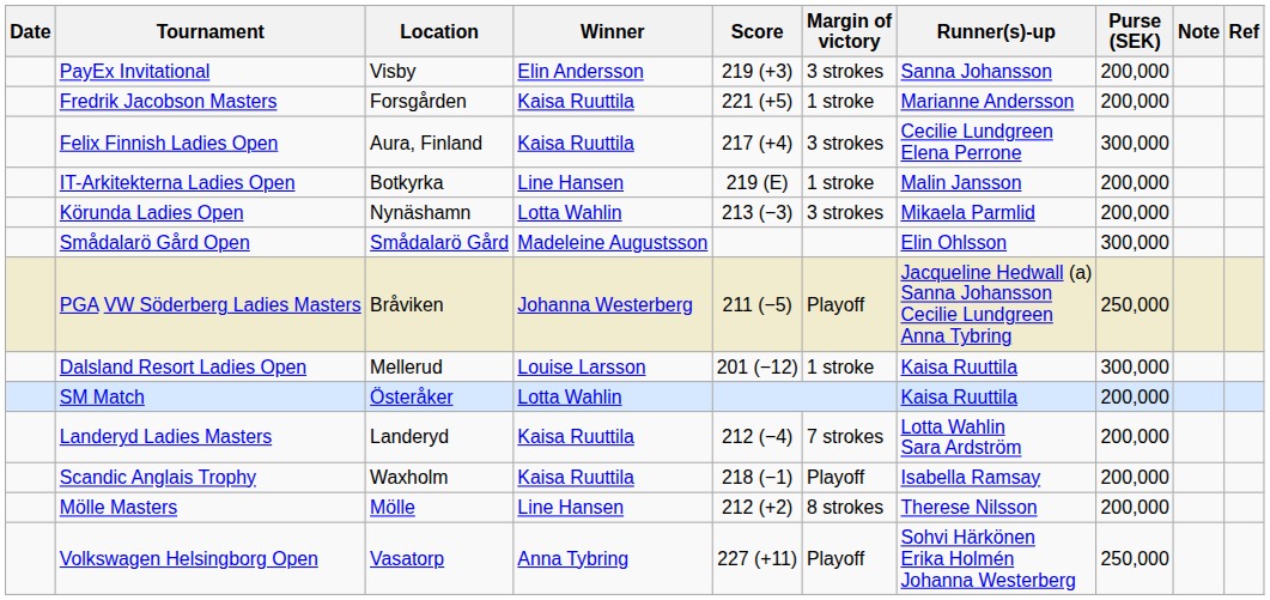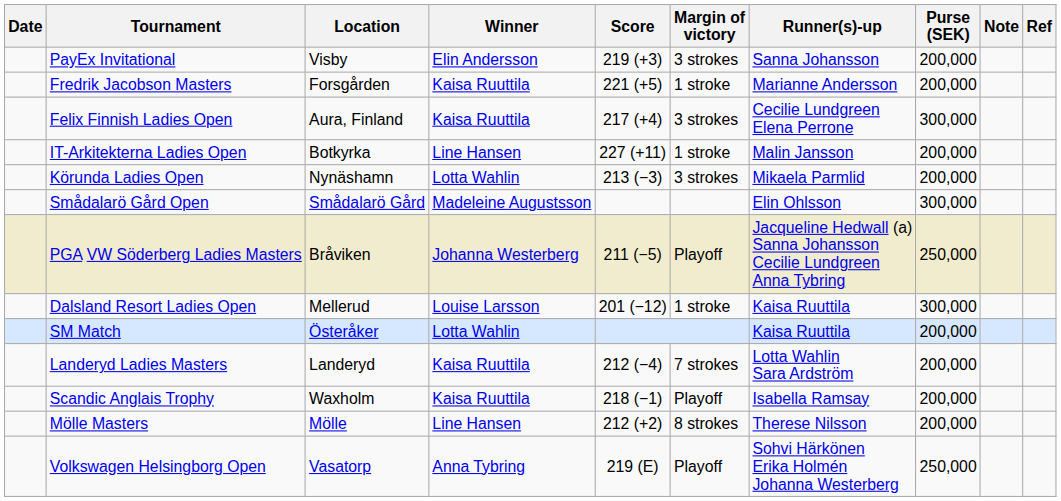 <table class="wikitable" style="font-size:95%;">
 <tr>
 <th>Date</th>
 <th>Tournament</th>
 <th>Location</th>
 <th>Winner</th>
 <th>Score</th>
 <th>Margin of<br>victory</th>
 <th>Runner(s)-up</th>
 <th>Purse<br>(SEK)</th>
 <th>Note</th>
 <th>Ref</th>
 </tr>
 <tr>
 <td></td>
 <td><a href='#'>PayEx Invitational</a></td>
 <td>Visby</td>
 <td> <a href='#'>Elin Andersson</a></td>
 <td align=center>219 (+3)</td>
 <td>3 strokes</td>
 <td> <a href='#'>Sanna Johansson</a></td>
 <td align=right>200,000</td>
 <td></td>
 <td></td>
 </tr>
 <tr>
 <td></td>
 <td><a href='#'>Fredrik Jacobson Masters</a></td>
 <td>Forsgården</td>
 <td> <a href='#'>Kaisa Ruuttila</a></td>
 <td align=center>221 (+5)</td>
 <td>1 stroke</td>
 <td> <a href='#'>Marianne Andersson</a></td>
 <td align=right>200,000</td>
 <td></td>
 <td></td>
 </tr>
 <tr>
 <td></td>
 <td><a href='#'>Felix Finnish Ladies Open</a></td>
 <td>Aura, Finland</td>
 <td> <a href='#'>Kaisa Ruuttila</a></td>
 <td align=center>217 (+4)</td>
 <td>3 strokes</td>
 <td> <a href='#'>Cecilie Lundgreen</a><br> <a href='#'>Elena Perrone</a></td>
 <td align=right>300,000</td>
 <td></td>
 <td></td>
 </tr>
 <tr>
 <td></td>
 <td><a href='#'>IT-Arkitekterna Ladies Open</a></td>
 <td>Botkyrka</td>
 <td> <a href='#'>Line Hansen</a></td>
-<td align=center>219 (E)</td>
+<td align=center>227 (+11)</td>
 <td>1 stroke</td>
 <td> <a href='#'>Malin Jansson</a></td>
 <td align=right>200,000</td>
 <td></td>
 <td></td>
 </tr>
 <tr>
 <td></td>
 <td><a href='#'>Körunda Ladies Open</a></td>
 <td>Nynäshamn</td>
 <td> <a href='#'>Lotta Wahlin</a></td>
 <td align=center>213 (−3)</td>
 <td>3 strokes</td>
 <td> <a href='#'>Mikaela Parmlid</a></td>
 <td align=right>200,000</td>
 <td></td>
 <td></td>
 </tr>
 <tr>
 <td></td>
 <td><a href='#'>Smådalarö Gård Open</a></td>
 <td><a href='#'>Smådalarö Gård</a></td>
 <td> <a href='#'>Madeleine Augustsson</a></td>
 <td align=center></td>
 <td></td>
 <td> <a href='#'>Elin Ohlsson</a></td>
 <td align=right>300,000</td>
 <td></td>
 <td></td>
 </tr>
 <tr style="background:#f2ecce;">
 <td></td>
 <td><a href='#'>PGA</a> <a href='#'>VW Söderberg Ladies Masters</a></td>
 <td>Bråviken</td>
 <td> <a href='#'>Johanna Westerberg</a></td>
 <td align=center>211 (−5)</td>
 <td>Playoff</td>
 <td> <a href='#'>Jacqueline Hedwall</a> (a)<br> <a href='#'>Sanna Johansson</a><br> <a href='#'>Cecilie Lundgreen</a> <br> <a href='#'>Anna Tybring</a></td>
 <td align=right>250,000</td>
 <td></td>
 <td></td>
 </tr>
 <tr>
 <td></td>
 <td><a href='#'>Dalsland Resort Ladies Open</a></td>
 <td>Mellerud</td>
 <td> <a href='#'>Louise Larsson</a></td>
 <td align=center>201 (−12)</td>
 <td>1 stroke</td>
 <td> <a href='#'>Kaisa Ruuttila</a></td>
 <td align=right>300,000</td>
 <td></td>
 <td></td>
 </tr>
 <tr style="background:#D6E8FF;">
 <td></td>
 <td><a href='#'>SM Match</a></td>
 <td><a href='#'>Österåker</a></td>
 <td> <a href='#'>Lotta Wahlin</a></td>
 <td colspan=2 align=center></td>
 <td> <a href='#'>Kaisa Ruuttila</a></td>
 <td align=right>200,000</td>
 <td></td>
 <td></td>
 </tr>
 <tr>
 <td></td>
 <td><a href='#'>Landeryd Ladies Masters</a></td>
 <td>Landeryd</td>
 <td> <a href='#'>Kaisa Ruuttila</a></td>
 <td align=center>212 (−4)</td>
 <td>7 strokes</td>
 <td> <a href='#'>Lotta Wahlin</a><br> <a href='#'>Sara Ardström</a></td>
 <td align=right>200,000</td>
 <td></td>
 <td></td>
 </tr>
 <tr>
 <td></td>
 <td><a href='#'>Scandic Anglais Trophy</a></td>
 <td>Waxholm</td>
 <td> <a href='#'>Kaisa Ruuttila</a></td>
 <td align=center>218 (−1)</td>
 <td>Playoff</td>
 <td> <a href='#'>Isabella Ramsay</a></td>
 <td align=right>200,000</td>
 <td></td>
 <td></td>
 </tr>
 <tr>
 <td></td>
 <td><a href='#'>Mölle Masters</a></td>
 <td><a href='#'>Mölle</a></td>
 <td> <a href='#'>Line Hansen</a></td>
 <td align=center>212 (+2)</td>
 <td>8 strokes</td>
 <td> <a href='#'>Therese Nilsson</a></td>
 <td align=right>200,000</td>
 <td></td>
 <td></td>
 </tr>
 <tr>
 <td></td>
 <td><a href='#'>Volkswagen Helsingborg Open</a></td>
 <td><a href='#'>Vasatorp</a></td>
 <td> <a href='#'>Anna Tybring</a></td>
-<td align=center>227 (+11)</td>
+<td align=center>219 (E)</td>
 <td>Playoff</td>
 <td> <a href='#'>Sohvi Härkönen</a><br> <a href='#'>Erika Holmén</a><br> <a href='#'>Johanna Westerberg</a></td>
 <td align=right>250,000</td>
 <td></td>
 <td></td>
 </tr>
 </table>
